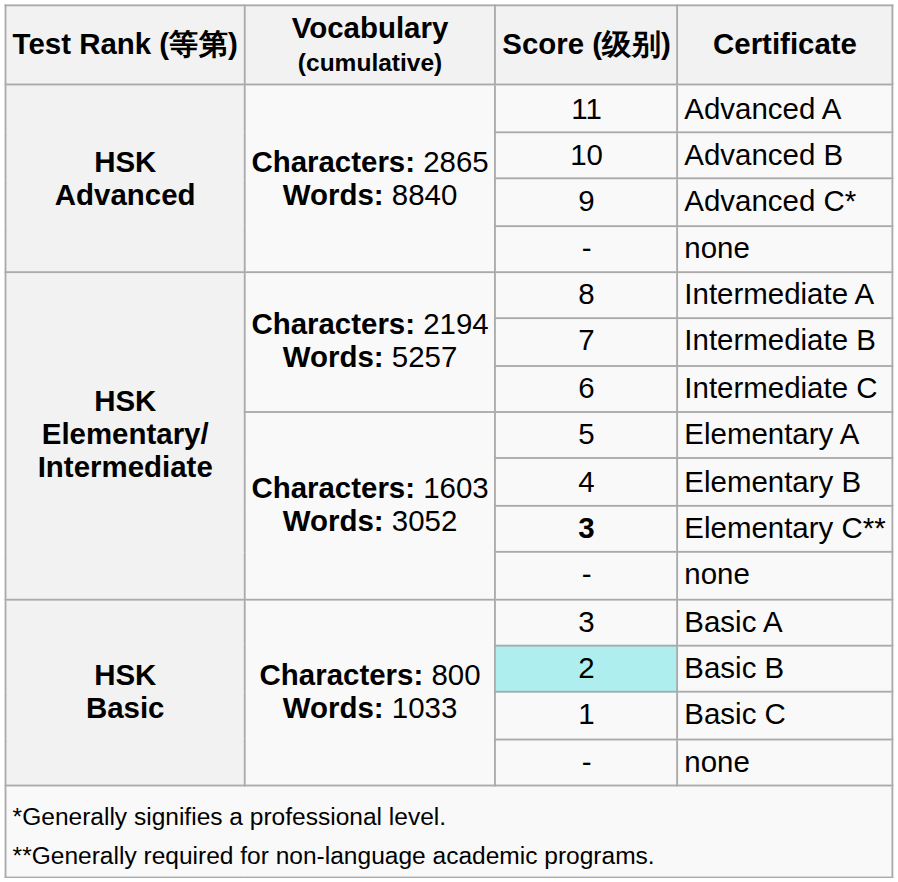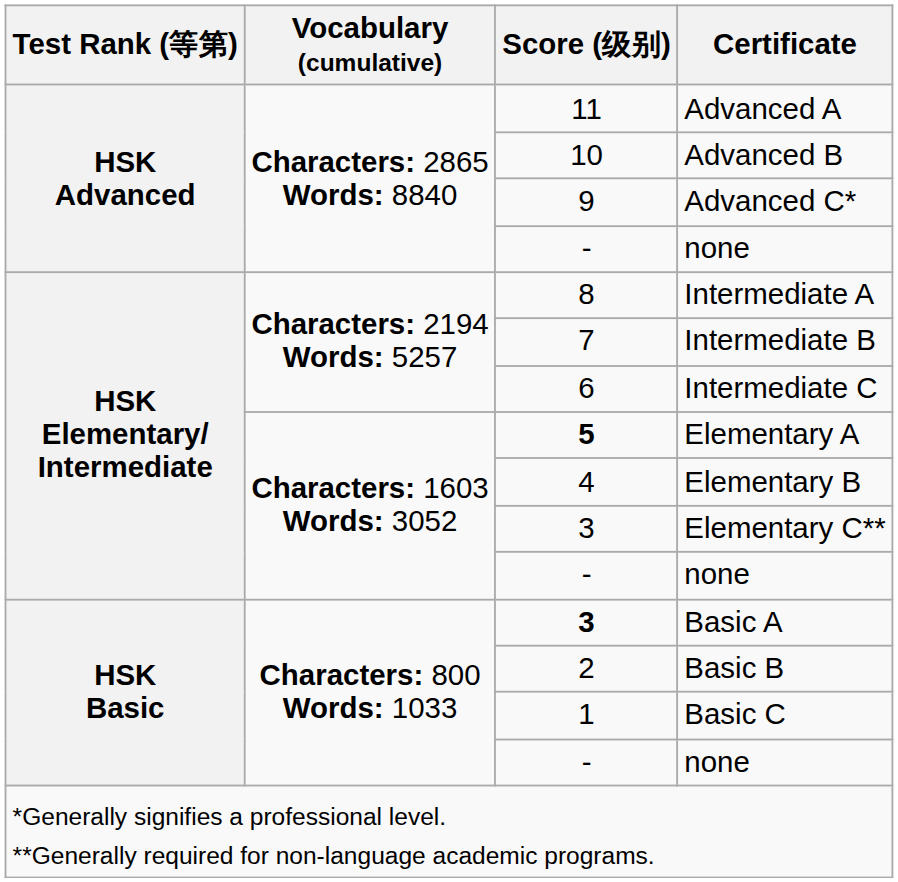 <table class="wikitable" align="right" style="margin-left: 1em">
 <tr>
 <th>Test Rank (等第)</th>
 <th>Vocabulary<br><small>(cumulative)</small></th>
 <th>Score (级别)</th>
 <th>Certificate</th>
 </tr>
 <tr>
 <th ROWSPAN="4" ALIGN="center">HSK<br>Advanced</th>
 <td ROWSPAN="4" align="center"><strong>Characters:</strong> 2865<br><strong>Words:</strong> 8840</td>
 <td align="center">11</td>
 <td>Advanced A</td>
 </tr>
 <tr>
 <td align="center">10</td>
 <td>Advanced B</td>
 </tr>
 <tr>
 <td align="center">9</td>
 <td>Advanced C*</td>
 </tr>
 <tr>
 <td align="center">-</td>
 <td>none</td>
 </tr>
 <tr>
 <th ROWSPAN="7" ALIGN="center">HSK<br>Elementary/<br>Intermediate</th>
 <td ROWSPAN="3" ALIGN="center"><strong>Characters:</strong> 2194<br><strong>Words:</strong> 5257</td>
 <td align="center">8</td>
 <td>Intermediate A</td>
 </tr>
 <tr>
 <td align="center">7</td>
 <td>Intermediate B</td>
 </tr>
 <tr>
 <td align="center">6</td>
 <td>Intermediate C</td>
 </tr>
 <tr>
 <td ROWSPAN="4" ALIGN="center"><strong>Characters:</strong> 1603<br><strong>Words:</strong> 3052</td>
-<td align="center">5</td>
+<td align="center"><strong>5</strong></td>
 <td>Elementary A</td>
 </tr>
 <tr>
 <td align="center">4</td>
 <td>Elementary B</td>
 </tr>
 <tr>
-<td align="center"><strong>3</strong></td>
+<td align="center">3</td>
 <td>Elementary C**</td>
 </tr>
 <tr>
 <td align="center">-</td>
 <td>none</td>
 </tr>
 <tr>
 <th ROWSPAN="4" ALIGN="center">HSK<br>Basic</th>
 <td ROWSPAN="4" ALIGN="center"><strong>Characters:</strong> 800<br><strong>Words:</strong> 1033</td>
-<td align="center">3</td>
+<td align="center"><strong>3</strong></td>
 <td>Basic A</td>
 </tr>
 <tr>
-<td align="center" style="background: paleturquoise;">2</td>
+<td align="center">2</td>
 <td>Basic B</td>
 </tr>
 <tr>
 <td align="center">1</td>
 <td>Basic C</td>
 </tr>
 <tr>
 <td align="center">-</td>
 <td>none</td>
 </tr>
 <tr>
 <td COLSPAN="4"><sub>*Generally signifies a professional level.<br>**Generally required for non-language academic programs.</sub></td>
 </tr>
 </table>
